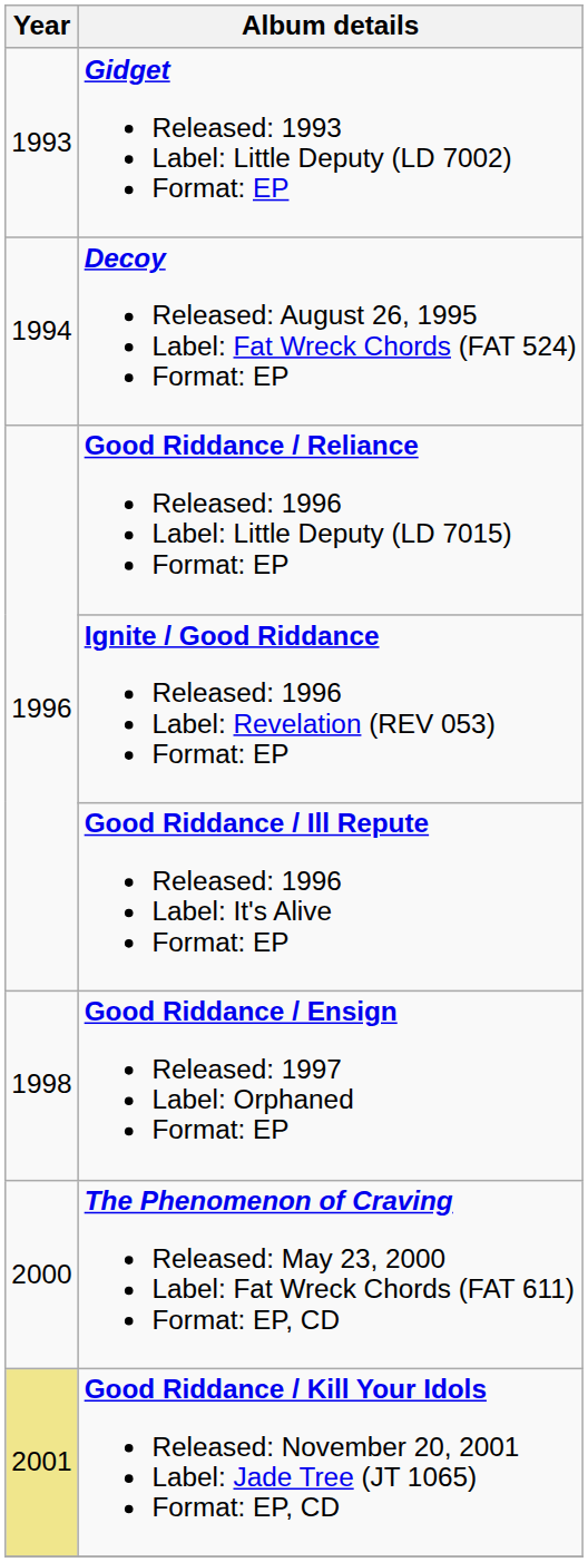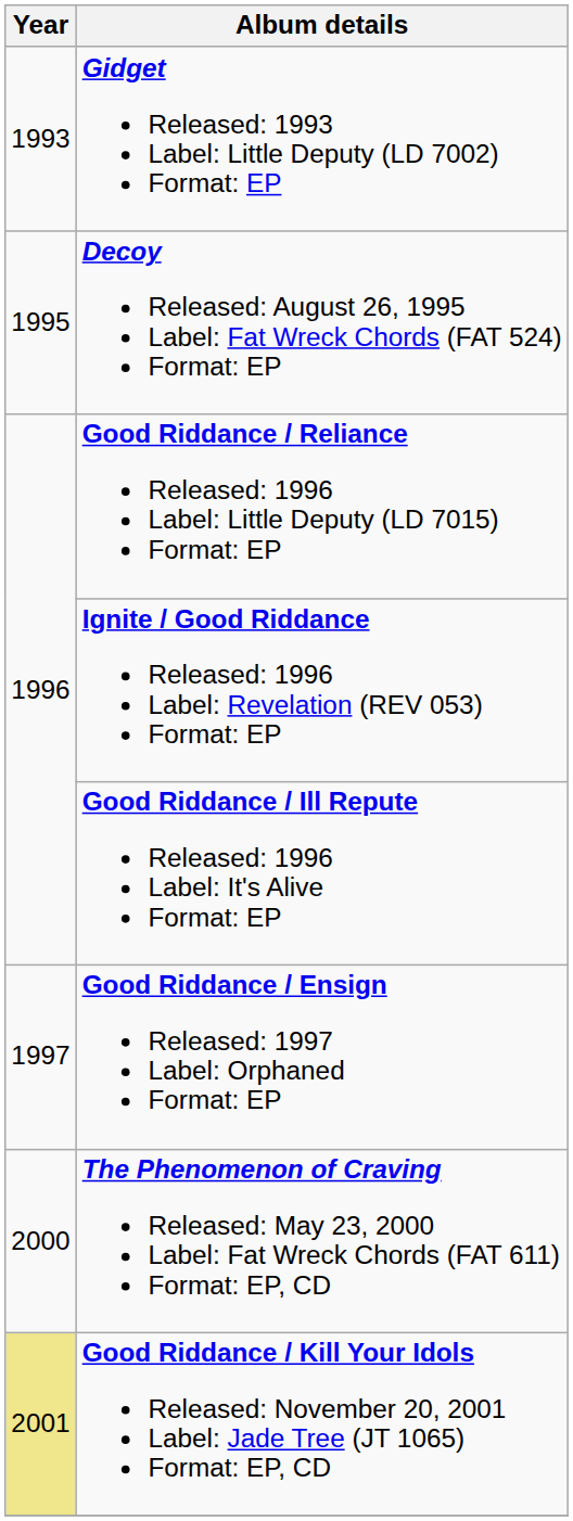 <table class ="wikitable">
 <tr>
 <th>Year</th>
 <th>Album details</th>
 </tr>
 <tr>
 <td>1993</td>
 <td><strong><em><a href='#'>Gidget</a></em></strong><br><ul><li>Released: 1993</li><li>Label: Little Deputy (LD 7002)</li><li>Format: <a href='#'>EP</a></li></ul></td>
 </tr>
 <tr>
-<td>1994</td>
+<td>1995</td>
 <td><strong><em><a href='#'>Decoy</a></em></strong><br><ul><li>Released: August 26, 1995</li><li>Label: <a href='#'>Fat Wreck Chords</a> (FAT 524)</li><li>Format: EP</li></ul></td>
 </tr>
 <tr>
 <td rowspan="3">1996</td>
 <td><strong><a href='#'>Good Riddance / Reliance</a></strong><br><ul><li>Released: 1996</li><li>Label: Little Deputy (LD 7015)</li><li>Format: EP</li></ul></td>
 </tr>
 <tr>
 <td><strong><a href='#'>Ignite / Good Riddance</a></strong><br><ul><li>Released: 1996</li><li>Label: <a href='#'>Revelation</a> (REV 053)</li><li>Format: EP</li></ul></td>
 </tr>
 <tr>
 <td><strong><a href='#'>Good Riddance / Ill Repute</a></strong><br><ul><li>Released: 1996</li><li>Label: It's Alive</li><li>Format: EP</li></ul></td>
 </tr>
 <tr>
-<td>1998</td>
+<td>1997</td>
 <td><strong><a href='#'>Good Riddance / Ensign</a></strong><br><ul><li>Released: 1997</li><li>Label: Orphaned</li><li>Format: EP</li></ul></td>
 </tr>
 <tr>
 <td>2000</td>
 <td><strong><em><a href='#'>The Phenomenon of Craving</a></em></strong><br><ul><li>Released: May 23, 2000</li><li>Label: Fat Wreck Chords (FAT 611)</li><li>Format: EP, CD</li></ul></td>
 </tr>
 <tr>
 <td style="background: khaki;">2001</td>
 <td><strong><a href='#'>Good Riddance / Kill Your Idols</a></strong><br><ul><li>Released: November 20, 2001</li><li>Label: <a href='#'>Jade Tree</a> (JT 1065)</li><li>Format: EP, CD</li></ul></td>
 </tr>
 <tr>
 </tr>
 </table>
